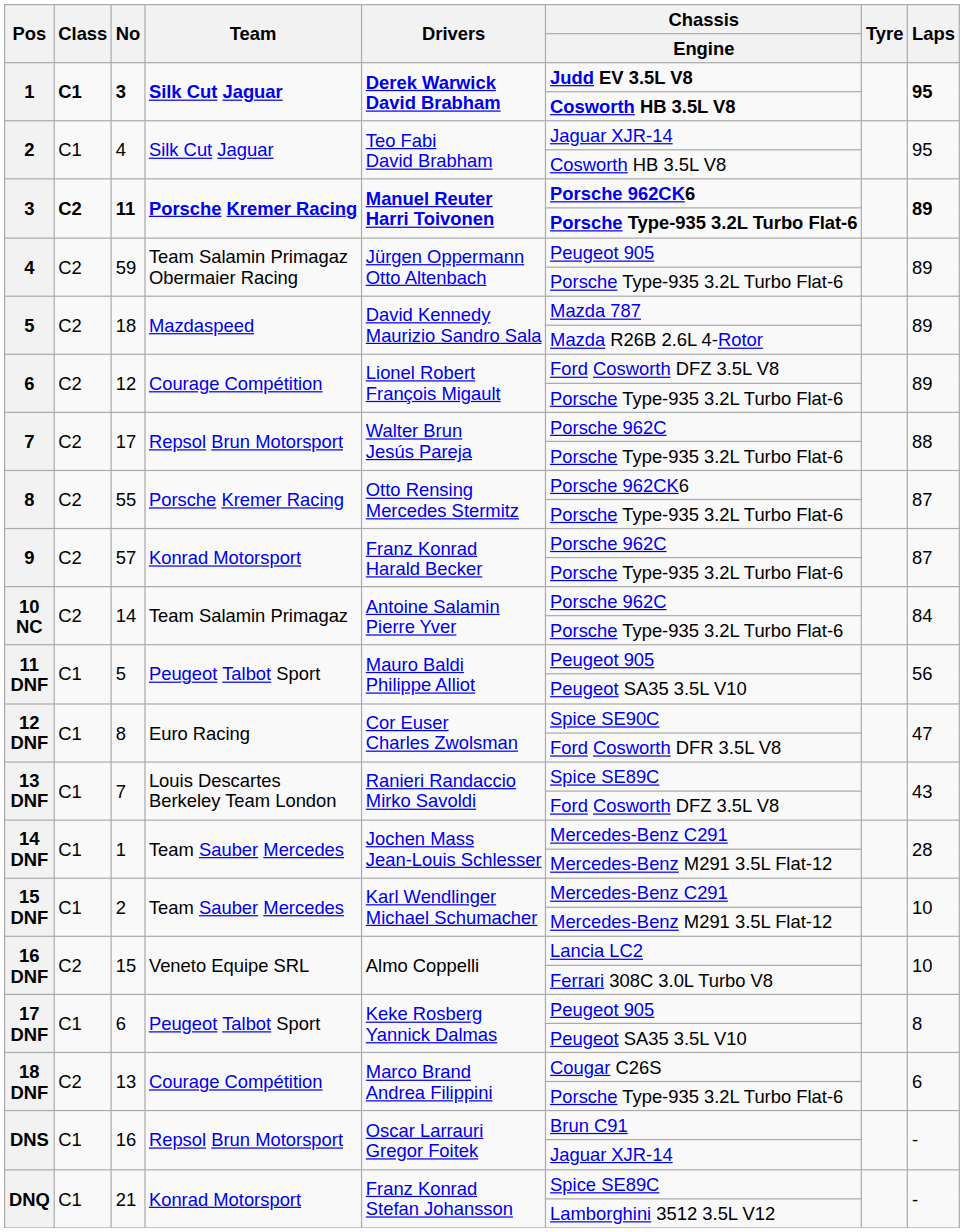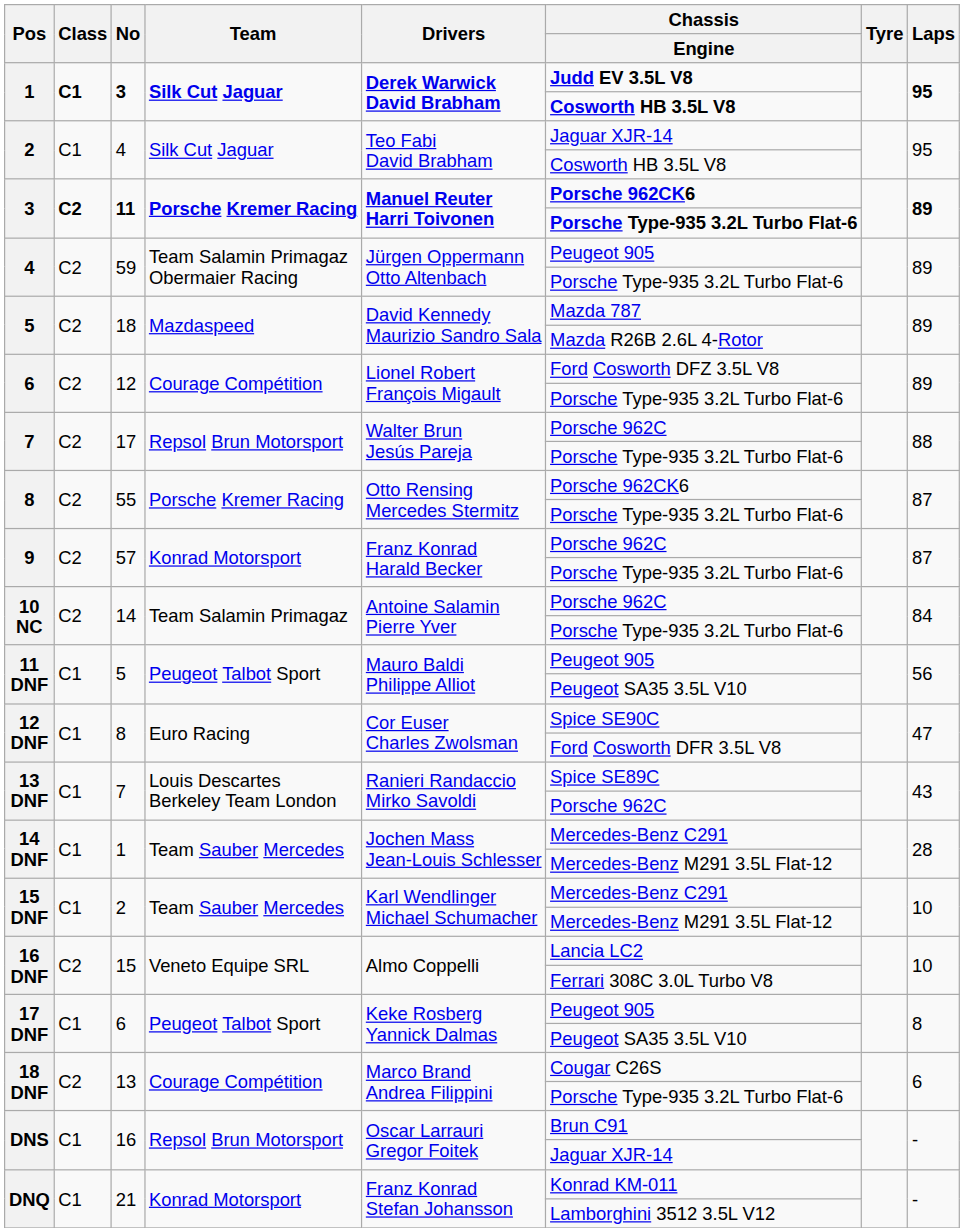 <table class="wikitable" style="font-size: 95%;">
 <tr>
 <th rowspan=2>Pos</th>
 <th rowspan=2>Class</th>
 <th rowspan=2>No</th>
 <th rowspan=2>Team</th>
 <th rowspan=2>Drivers</th>
 <th>Chassis</th>
 <th rowspan=2>Tyre</th>
 <th rowspan=2>Laps</th>
 </tr>
 <tr>
 <th>Engine</th>
 </tr>
 <tr style="font-weight:bold">
 <th rowspan=2>1</th>
 <td rowspan=2>C1</td>
 <td rowspan=2>3</td>
 <td rowspan=2> <a href='#'>Silk Cut</a> <a href='#'>Jaguar</a></td>
 <td rowspan=2> <a href='#'>Derek Warwick</a><br> <a href='#'>David Brabham</a></td>
 <td><a href='#'>Judd</a> EV 3.5L V8</td>
 <td rowspan=2></td>
 <td rowspan=2>95</td>
 </tr>
 <tr style="font-weight:bold">
 <td><a href='#'>Cosworth</a> HB 3.5L V8</td>
 </tr>
 <tr>
 <th rowspan=2>2</th>
 <td rowspan=2>C1</td>
 <td rowspan=2>4</td>
 <td rowspan=2> <a href='#'>Silk Cut</a> <a href='#'>Jaguar</a></td>
 <td rowspan=2> <a href='#'>Teo Fabi</a><br> <a href='#'>David Brabham</a></td>
 <td><a href='#'>Jaguar XJR-14</a></td>
 <td rowspan=2></td>
 <td rowspan=2>95</td>
 </tr>
 <tr>
 <td><a href='#'>Cosworth</a> HB 3.5L V8</td>
 </tr>
 <tr style="font-weight:bold">
 <th rowspan=2>3</th>
 <td rowspan=2>C2</td>
 <td rowspan=2>11</td>
 <td rowspan=2> <a href='#'>Porsche</a> <a href='#'>Kremer Racing</a></td>
 <td rowspan=2> <a href='#'>Manuel Reuter</a><br> <a href='#'>Harri Toivonen</a></td>
 <td><a href='#'>Porsche 962CK</a>6</td>
 <td rowspan=2></td>
 <td rowspan=2>89</td>
 </tr>
 <tr style="font-weight:bold">
 <td><a href='#'>Porsche</a> Type-935 3.2L Turbo Flat-6</td>
 </tr>
 <tr>
 <th rowspan=2>4</th>
 <td rowspan=2>C2</td>
 <td rowspan=2>59</td>
 <td rowspan=2> Team Salamin Primagaz<br> Obermaier Racing</td>
 <td rowspan=2> <a href='#'>Jürgen Oppermann</a><br> <a href='#'>Otto Altenbach</a></td>
 <td><a href='#'>Peugeot 905</a></td>
 <td rowspan=2></td>
 <td rowspan=2>89</td>
 </tr>
 <tr>
 <td><a href='#'>Porsche</a> Type-935 3.2L Turbo Flat-6</td>
 </tr>
 <tr>
 <th rowspan=2>5</th>
 <td rowspan=2>C2</td>
 <td rowspan=2>18</td>
 <td rowspan=2> <a href='#'>Mazdaspeed</a></td>
 <td rowspan=2> <a href='#'>David Kennedy</a><br> <a href='#'>Maurizio Sandro Sala</a></td>
 <td><a href='#'>Mazda 787</a></td>
 <td rowspan=2></td>
 <td rowspan=2>89</td>
 </tr>
 <tr>
 <td><a href='#'>Mazda</a> R26B 2.6L 4-<a href='#'>Rotor</a></td>
 </tr>
 <tr>
 <th rowspan=2>6</th>
 <td rowspan=2>C2</td>
 <td rowspan=2>12</td>
 <td rowspan=2> <a href='#'>Courage Compétition</a></td>
 <td rowspan=2> <a href='#'>Lionel Robert</a><br> <a href='#'>François Migault</a></td>
 <td><a href='#'>Ford</a> <a href='#'>Cosworth</a> DFZ 3.5L V8</td>
 <td rowspan=2></td>
 <td rowspan=2>89</td>
 </tr>
 <tr>
 <td><a href='#'>Porsche</a> Type-935 3.2L Turbo Flat-6</td>
 </tr>
 <tr>
 <th rowspan=2>7</th>
 <td rowspan=2>C2</td>
 <td rowspan=2>17</td>
 <td rowspan=2> <a href='#'>Repsol</a> <a href='#'>Brun Motorsport</a></td>
 <td rowspan=2> <a href='#'>Walter Brun</a><br> <a href='#'>Jesús Pareja</a></td>
 <td><a href='#'>Porsche 962C</a></td>
 <td rowspan=2></td>
 <td rowspan=2>88</td>
 </tr>
 <tr>
 <td><a href='#'>Porsche</a> Type-935 3.2L Turbo Flat-6</td>
 </tr>
 <tr>
 <th rowspan=2>8</th>
 <td rowspan=2>C2</td>
 <td rowspan=2>55</td>
 <td rowspan=2> <a href='#'>Porsche</a> <a href='#'>Kremer Racing</a></td>
 <td rowspan=2> <a href='#'>Otto Rensing</a><br> <a href='#'>Mercedes Stermitz</a></td>
 <td><a href='#'>Porsche 962CK</a>6</td>
 <td rowspan=2></td>
 <td rowspan=2>87</td>
 </tr>
 <tr>
 <td><a href='#'>Porsche</a> Type-935 3.2L Turbo Flat-6</td>
 </tr>
 <tr>
 <th rowspan=2>9</th>
 <td rowspan=2>C2</td>
 <td rowspan=2>57</td>
 <td rowspan=2> <a href='#'>Konrad Motorsport</a></td>
 <td rowspan=2> <a href='#'>Franz Konrad</a><br> <a href='#'>Harald Becker</a></td>
 <td><a href='#'>Porsche 962C</a></td>
 <td rowspan=2></td>
 <td rowspan=2>87</td>
 </tr>
 <tr>
 <td><a href='#'>Porsche</a> Type-935 3.2L Turbo Flat-6</td>
 </tr>
 <tr>
 <th rowspan=2>10<br>NC</th>
 <td rowspan=2>C2</td>
 <td rowspan=2>14</td>
 <td rowspan=2> Team Salamin Primagaz</td>
 <td rowspan=2> <a href='#'>Antoine Salamin</a><br> <a href='#'>Pierre Yver</a></td>
 <td><a href='#'>Porsche 962C</a></td>
 <td rowspan=2></td>
 <td rowspan=2>84</td>
 </tr>
 <tr>
 <td><a href='#'>Porsche</a> Type-935 3.2L Turbo Flat-6</td>
 </tr>
 <tr>
 <th rowspan=2>11<br>DNF</th>
 <td rowspan=2>C1</td>
 <td rowspan=2>5</td>
 <td rowspan=2> <a href='#'>Peugeot</a> <a href='#'>Talbot</a> Sport</td>
 <td rowspan=2> <a href='#'>Mauro Baldi</a><br> <a href='#'>Philippe Alliot</a></td>
 <td><a href='#'>Peugeot 905</a></td>
 <td rowspan=2></td>
 <td rowspan=2>56</td>
 </tr>
 <tr>
 <td><a href='#'>Peugeot</a> SA35 3.5L V10</td>
 </tr>
 <tr>
 <th rowspan=2>12<br>DNF</th>
 <td rowspan=2>C1</td>
 <td rowspan=2>8</td>
 <td rowspan=2> Euro Racing</td>
 <td rowspan=2> <a href='#'>Cor Euser</a><br> <a href='#'>Charles Zwolsman</a></td>
 <td><a href='#'>Spice SE90C</a></td>
 <td rowspan=2></td>
 <td rowspan=2>47</td>
 </tr>
 <tr>
 <td><a href='#'>Ford</a> <a href='#'>Cosworth</a> DFR 3.5L V8</td>
 </tr>
 <tr>
 <th rowspan=2>13<br>DNF</th>
 <td rowspan=2>C1</td>
 <td rowspan=2>7</td>
 <td rowspan=2> Louis Descartes<br> Berkeley Team London</td>
 <td rowspan=2> <a href='#'>Ranieri Randaccio</a><br> <a href='#'>Mirko Savoldi</a></td>
 <td><a href='#'>Spice SE89C</a></td>
 <td rowspan=2></td>
 <td rowspan=2>43</td>
 </tr>
 <tr>
-<td><a href='#'>Ford</a> <a href='#'>Cosworth</a> DFZ 3.5L V8</td>
+<td><a href='#'>Porsche 962C</a></td>
 </tr>
 <tr>
 <th rowspan=2>14<br>DNF</th>
 <td rowspan=2>C1</td>
 <td rowspan=2>1</td>
 <td rowspan=2> Team <a href='#'>Sauber</a> <a href='#'>Mercedes</a></td>
 <td rowspan=2> <a href='#'>Jochen Mass</a><br> <a href='#'>Jean-Louis Schlesser</a></td>
 <td><a href='#'>Mercedes-Benz C291</a></td>
 <td rowspan=2></td>
 <td rowspan=2>28</td>
 </tr>
 <tr>
 <td><a href='#'>Mercedes-Benz</a> M291 3.5L Flat-12</td>
 </tr>
 <tr>
 <th rowspan=2>15<br>DNF</th>
 <td rowspan=2>C1</td>
 <td rowspan=2>2</td>
 <td rowspan=2> Team <a href='#'>Sauber</a> <a href='#'>Mercedes</a></td>
 <td rowspan=2> <a href='#'>Karl Wendlinger</a><br> <a href='#'>Michael Schumacher</a></td>
 <td><a href='#'>Mercedes-Benz C291</a></td>
 <td rowspan=2></td>
 <td rowspan=2>10</td>
 </tr>
 <tr>
 <td><a href='#'>Mercedes-Benz</a> M291 3.5L Flat-12</td>
 </tr>
 <tr>
 <th rowspan=2>16<br>DNF</th>
 <td rowspan=2>C2</td>
 <td rowspan=2>15</td>
 <td rowspan=2> Veneto Equipe SRL</td>
 <td rowspan=2> Almo Coppelli</td>
 <td><a href='#'>Lancia LC2</a></td>
 <td rowspan=2></td>
 <td rowspan=2>10</td>
 </tr>
 <tr>
 <td><a href='#'>Ferrari</a> 308C 3.0L Turbo V8</td>
 </tr>
 <tr>
 <th rowspan=2>17<br>DNF</th>
 <td rowspan=2>C1</td>
 <td rowspan=2>6</td>
 <td rowspan=2> <a href='#'>Peugeot</a> <a href='#'>Talbot</a> Sport</td>
 <td rowspan=2> <a href='#'>Keke Rosberg</a><br> <a href='#'>Yannick Dalmas</a></td>
 <td><a href='#'>Peugeot 905</a></td>
 <td rowspan=2></td>
 <td rowspan=2>8</td>
 </tr>
 <tr>
 <td><a href='#'>Peugeot</a> SA35 3.5L V10</td>
 </tr>
 <tr>
 <th rowspan=2>18<br>DNF</th>
 <td rowspan=2>C2</td>
 <td rowspan=2>13</td>
 <td rowspan=2> <a href='#'>Courage Compétition</a></td>
 <td rowspan=2> <a href='#'>Marco Brand</a><br> <a href='#'>Andrea Filippini</a></td>
 <td><a href='#'>Cougar</a> C26S</td>
 <td rowspan=2></td>
 <td rowspan=2>6</td>
 </tr>
 <tr>
 <td><a href='#'>Porsche</a> Type-935 3.2L Turbo Flat-6</td>
 </tr>
 <tr>
 <th rowspan=2>DNS</th>
 <td rowspan=2>C1</td>
 <td rowspan=2>16</td>
 <td rowspan=2> <a href='#'>Repsol</a> <a href='#'>Brun Motorsport</a></td>
 <td rowspan=2> <a href='#'>Oscar Larrauri</a><br> <a href='#'>Gregor Foitek</a></td>
 <td><a href='#'>Brun C91</a></td>
 <td rowspan=2></td>
 <td rowspan=2>-</td>
 </tr>
 <tr>
 <td><a href='#'>Jaguar XJR-14</a></td>
 </tr>
 <tr>
 <th rowspan=2>DNQ</th>
 <td rowspan=2>C1</td>
 <td rowspan=2>21</td>
 <td rowspan=2> <a href='#'>Konrad Motorsport</a></td>
 <td rowspan=2> <a href='#'>Franz Konrad</a><br> <a href='#'>Stefan Johansson</a></td>
-<td><a href='#'>Spice SE89C</a></td>
+<td><a href='#'>Konrad KM-011</a></td>
 <td rowspan=2></td>
 <td rowspan=2>-</td>
 </tr>
 <tr>
 <td><a href='#'>Lamborghini</a> 3512 3.5L V12</td>
 </tr>
 </table>
